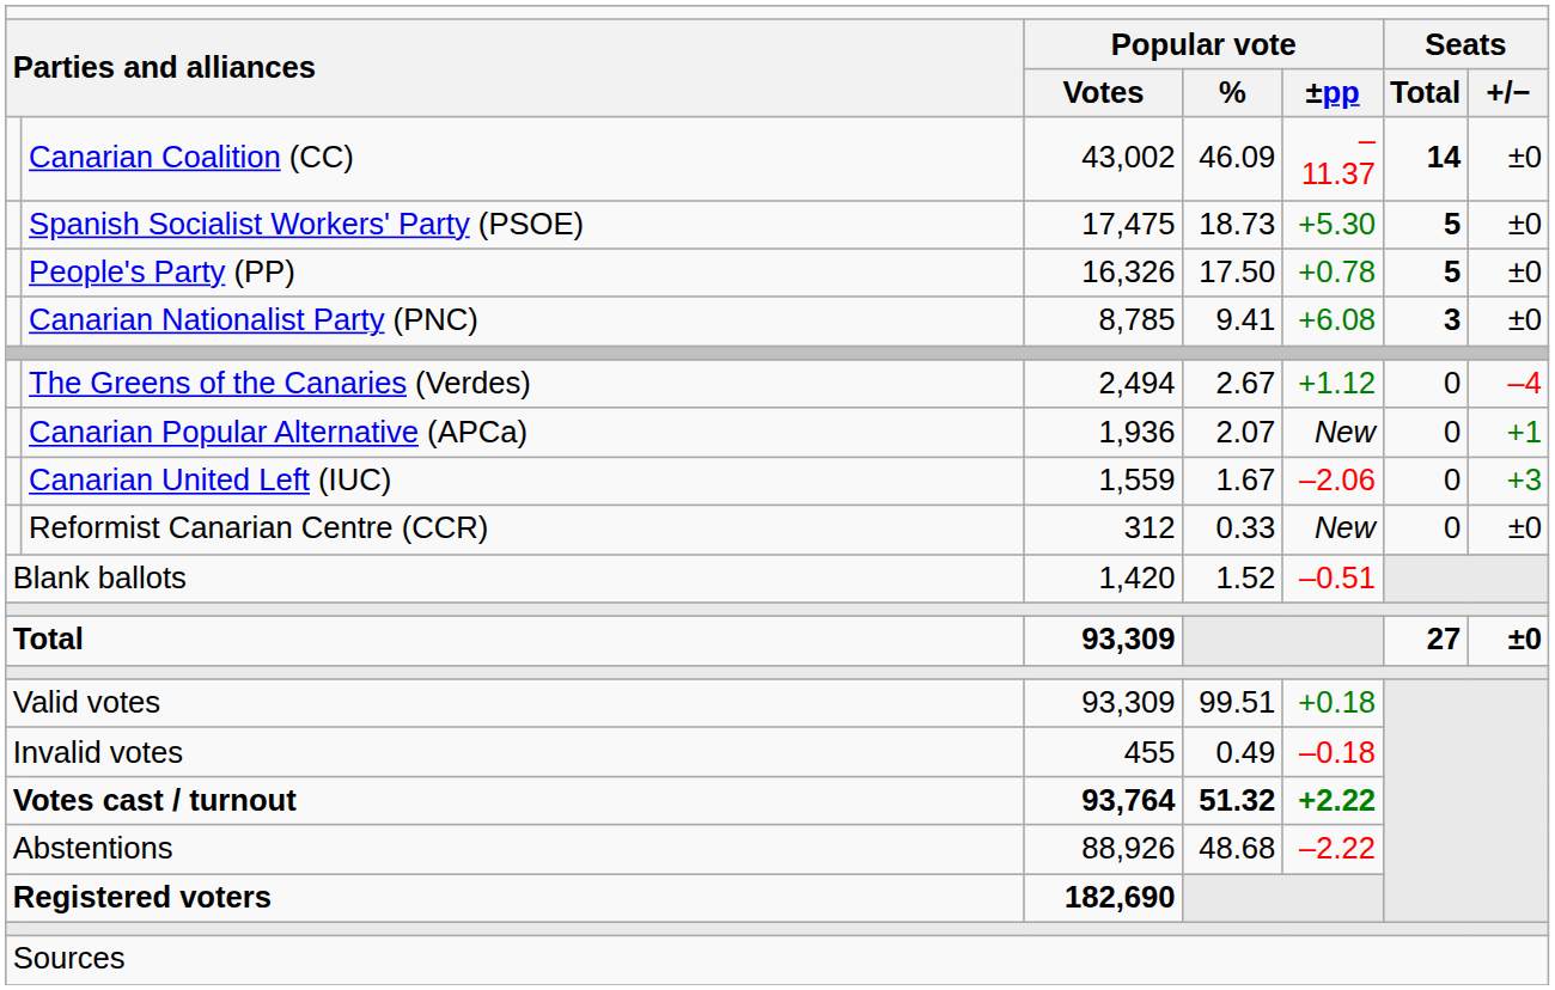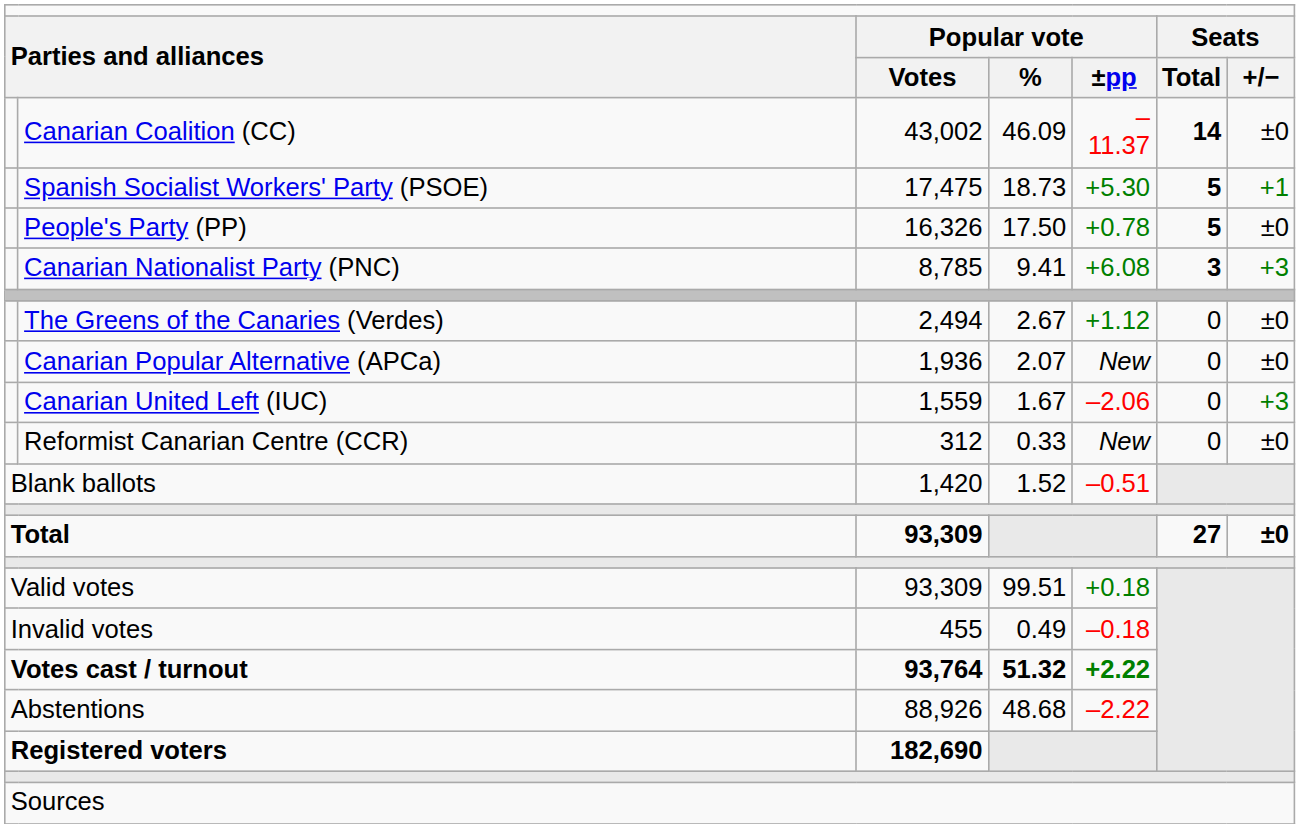 <table class="wikitable" style="text-align:right;">
 <tr>
 <td colspan="7"></td>
 </tr>
 <tr>
 <th style="text-align:left;" rowspan="2" colspan="2" width="525">Parties and alliances</th>
 <th colspan="3">Popular vote</th>
 <th colspan="2">Seats</th>
 </tr>
 <tr>
 <th width="75">Votes</th>
 <th width="45">%</th>
 <th width="45">±<a href='#'>pp</a></th>
 <th width="35">Total</th>
 <th width="35">+/−</th>
 </tr>
 <tr>
 <td width="1" style="color:inherit;background:"></td>
 <td align="left"><a href='#'>Canarian Coalition</a> (CC)</td>
 <td>43,002</td>
 <td>46.09</td>
 <td style="color:red;">–11.37</td>
 <td><strong>14</strong></td>
 <td>±0</td>
 </tr>
 <tr>
 <td style="color:inherit;background:"></td>
 <td align="left"><a href='#'>Spanish Socialist Workers' Party</a> (PSOE)</td>
 <td>17,475</td>
 <td>18.73</td>
 <td style="color:green;">+5.30</td>
 <td><strong>5</strong></td>
-<td>±0</td>
+<td style="color:green;">+1</td>
 </tr>
 <tr>
 <td style="color:inherit;background:"></td>
 <td align="left"><a href='#'>People's Party</a> (PP)</td>
 <td>16,326</td>
 <td>17.50</td>
 <td style="color:green;">+0.78</td>
 <td><strong>5</strong></td>
 <td>±0</td>
 </tr>
 <tr>
 <td style="color:inherit;background:"></td>
 <td align="left"><a href='#'>Canarian Nationalist Party</a> (PNC)</td>
 <td>8,785</td>
 <td>9.41</td>
 <td style="color:green;">+6.08</td>
 <td><strong>3</strong></td>
-<td>±0</td>
+<td style="color:green;">+3</td>
 </tr>
 <tr>
 <td colspan="7" style="color:inherit;background:#C0C0C0"></td>
 </tr>
 <tr>
 <td style="color:inherit;background:"></td>
 <td align="left"><a href='#'>The Greens of the Canaries</a> (Verdes)</td>
 <td>2,494</td>
 <td>2.67</td>
 <td style="color:green;">+1.12</td>
 <td>0</td>
-<td style="color:red;">–4</td>
+<td>±0</td>
 </tr>
 <tr>
 <td style="color:inherit;background:"></td>
 <td align="left"><a href='#'>Canarian Popular Alternative</a> (APCa)</td>
 <td>1,936</td>
 <td>2.07</td>
 <td><em>New</em></td>
 <td>0</td>
-<td style="color:green;">+1</td>
+<td>±0</td>
 </tr>
 <tr>
 <td style="color:inherit;background:"></td>
 <td align="left"><a href='#'>Canarian United Left</a> (IUC)</td>
 <td>1,559</td>
 <td>1.67</td>
 <td style="color:red;">–2.06</td>
 <td>0</td>
 <td style="color:green;">+3</td>
 </tr>
 <tr>
 <td style="color:inherit;background:"></td>
 <td align="left">Reformist Canarian Centre (CCR)</td>
 <td>312</td>
 <td>0.33</td>
 <td><em>New</em></td>
 <td>0</td>
 <td>±0</td>
 </tr>
 <tr>
 <td align="left" colspan="2">Blank ballots</td>
 <td>1,420</td>
 <td>1.52</td>
 <td style="color:red;">–0.51</td>
 <td style="color:inherit;background:#E9E9E9" colspan="2"></td>
 </tr>
 <tr>
 <td colspan="7" style="color:inherit;background:#E9E9E9"></td>
 </tr>
 <tr style="font-weight:bold;">
 <td align="left" colspan="2">Total</td>
 <td>93,309</td>
 <td bgcolor="#E9E9E9" colspan="2"></td>
 <td>27</td>
 <td>±0</td>
 </tr>
 <tr>
 <td colspan="7" style="color:inherit;background:#E9E9E9"></td>
 </tr>
 <tr>
 <td align="left" colspan="2">Valid votes</td>
 <td>93,309</td>
 <td>99.51</td>
 <td style="color:green;">+0.18</td>
 <td bgcolor="#E9E9E9" colspan="2" rowspan="5"></td>
 </tr>
 <tr>
 <td align="left" colspan="2">Invalid votes</td>
 <td>455</td>
 <td>0.49</td>
 <td style="color:red;">–0.18</td>
 </tr>
 <tr style="font-weight:bold;">
 <td align="left" colspan="2">Votes cast / turnout</td>
 <td>93,764</td>
 <td>51.32</td>
 <td style="color:green;">+2.22</td>
 </tr>
 <tr>
 <td align="left" colspan="2">Abstentions</td>
 <td>88,926</td>
 <td>48.68</td>
 <td style="color:red;">–2.22</td>
 </tr>
 <tr style="font-weight:bold;">
 <td align="left" colspan="2">Registered voters</td>
 <td>182,690</td>
 <td bgcolor="#E9E9E9" colspan="2"></td>
 </tr>
 <tr>
 <td colspan="7" style="color:inherit;background:#E9E9E9"></td>
 </tr>
 <tr>
 <td align="left" colspan="7">Sources</td>
 </tr>
 </table>
